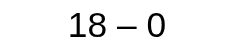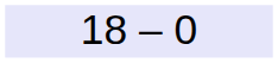 <table style="text-align:center">
 <tr>
 <th width=200></th>
 <th width=100></th>
 <th width=200></th>
 </tr>
 <tr>
 <td align=right><strong></strong></td>
-<td>18 – 0</td>
+<td style="background: lavender;">18 – 0</td>
 <td align=left></td>
 </tr>
 </table>
